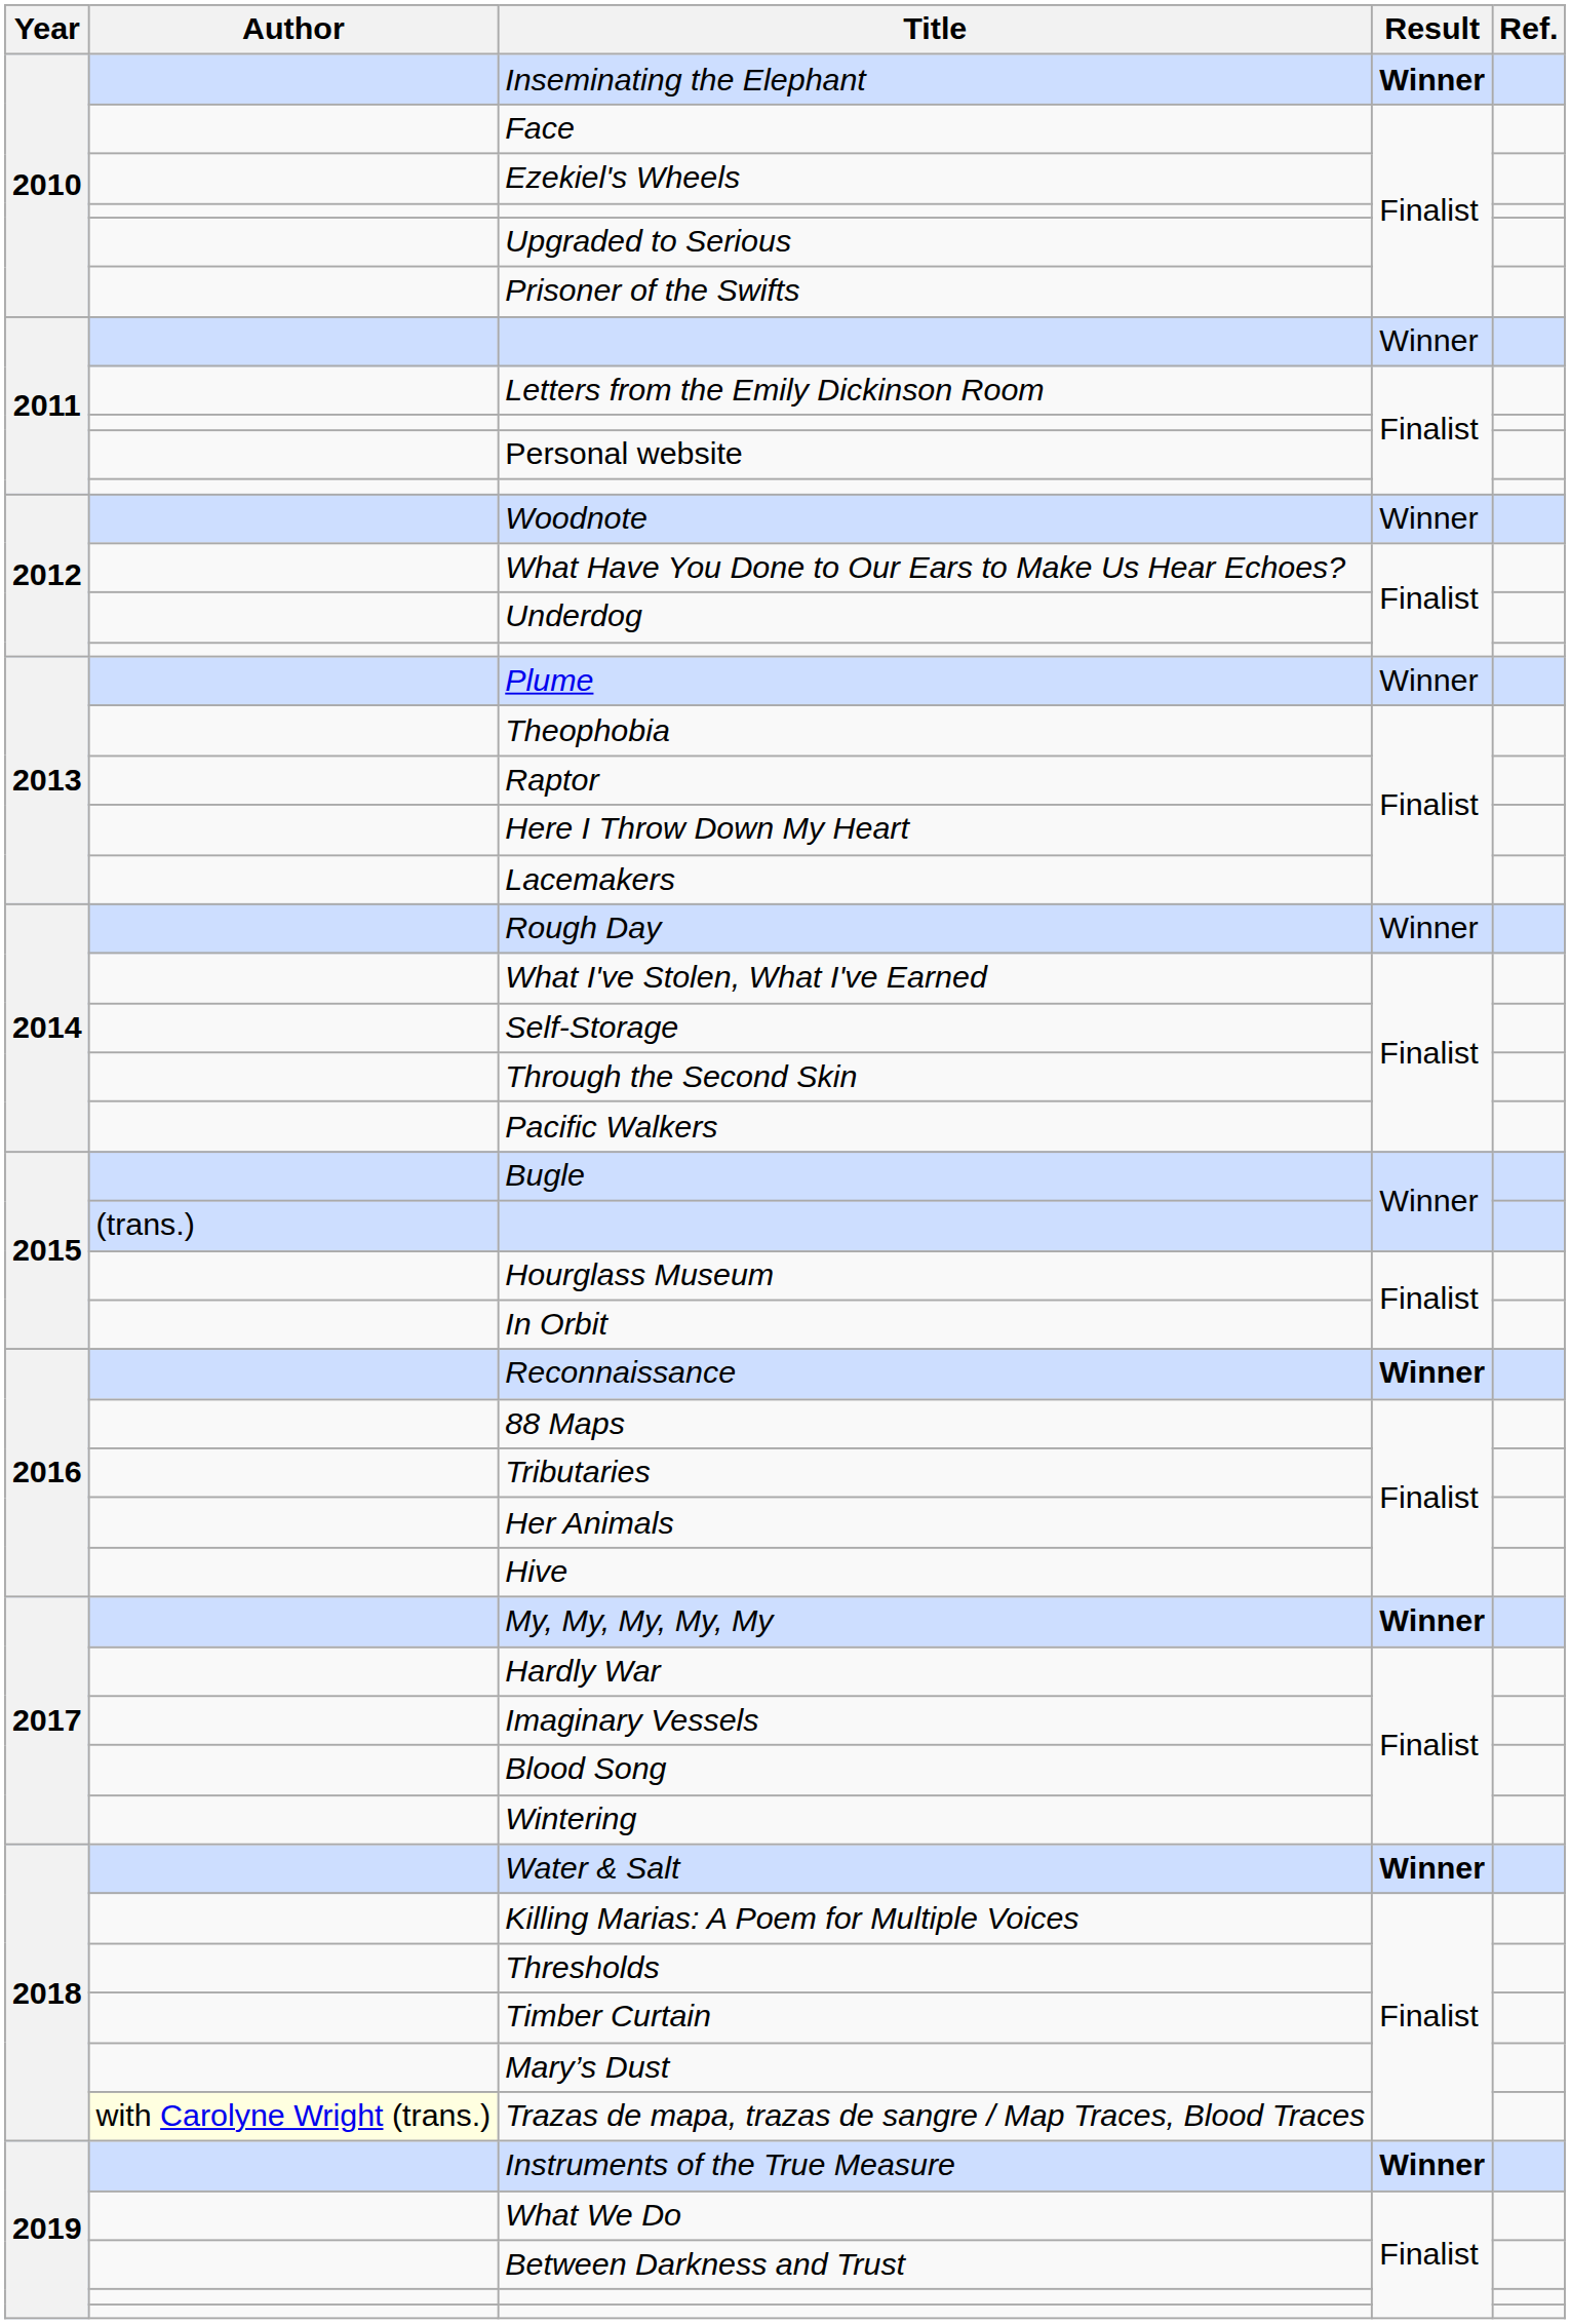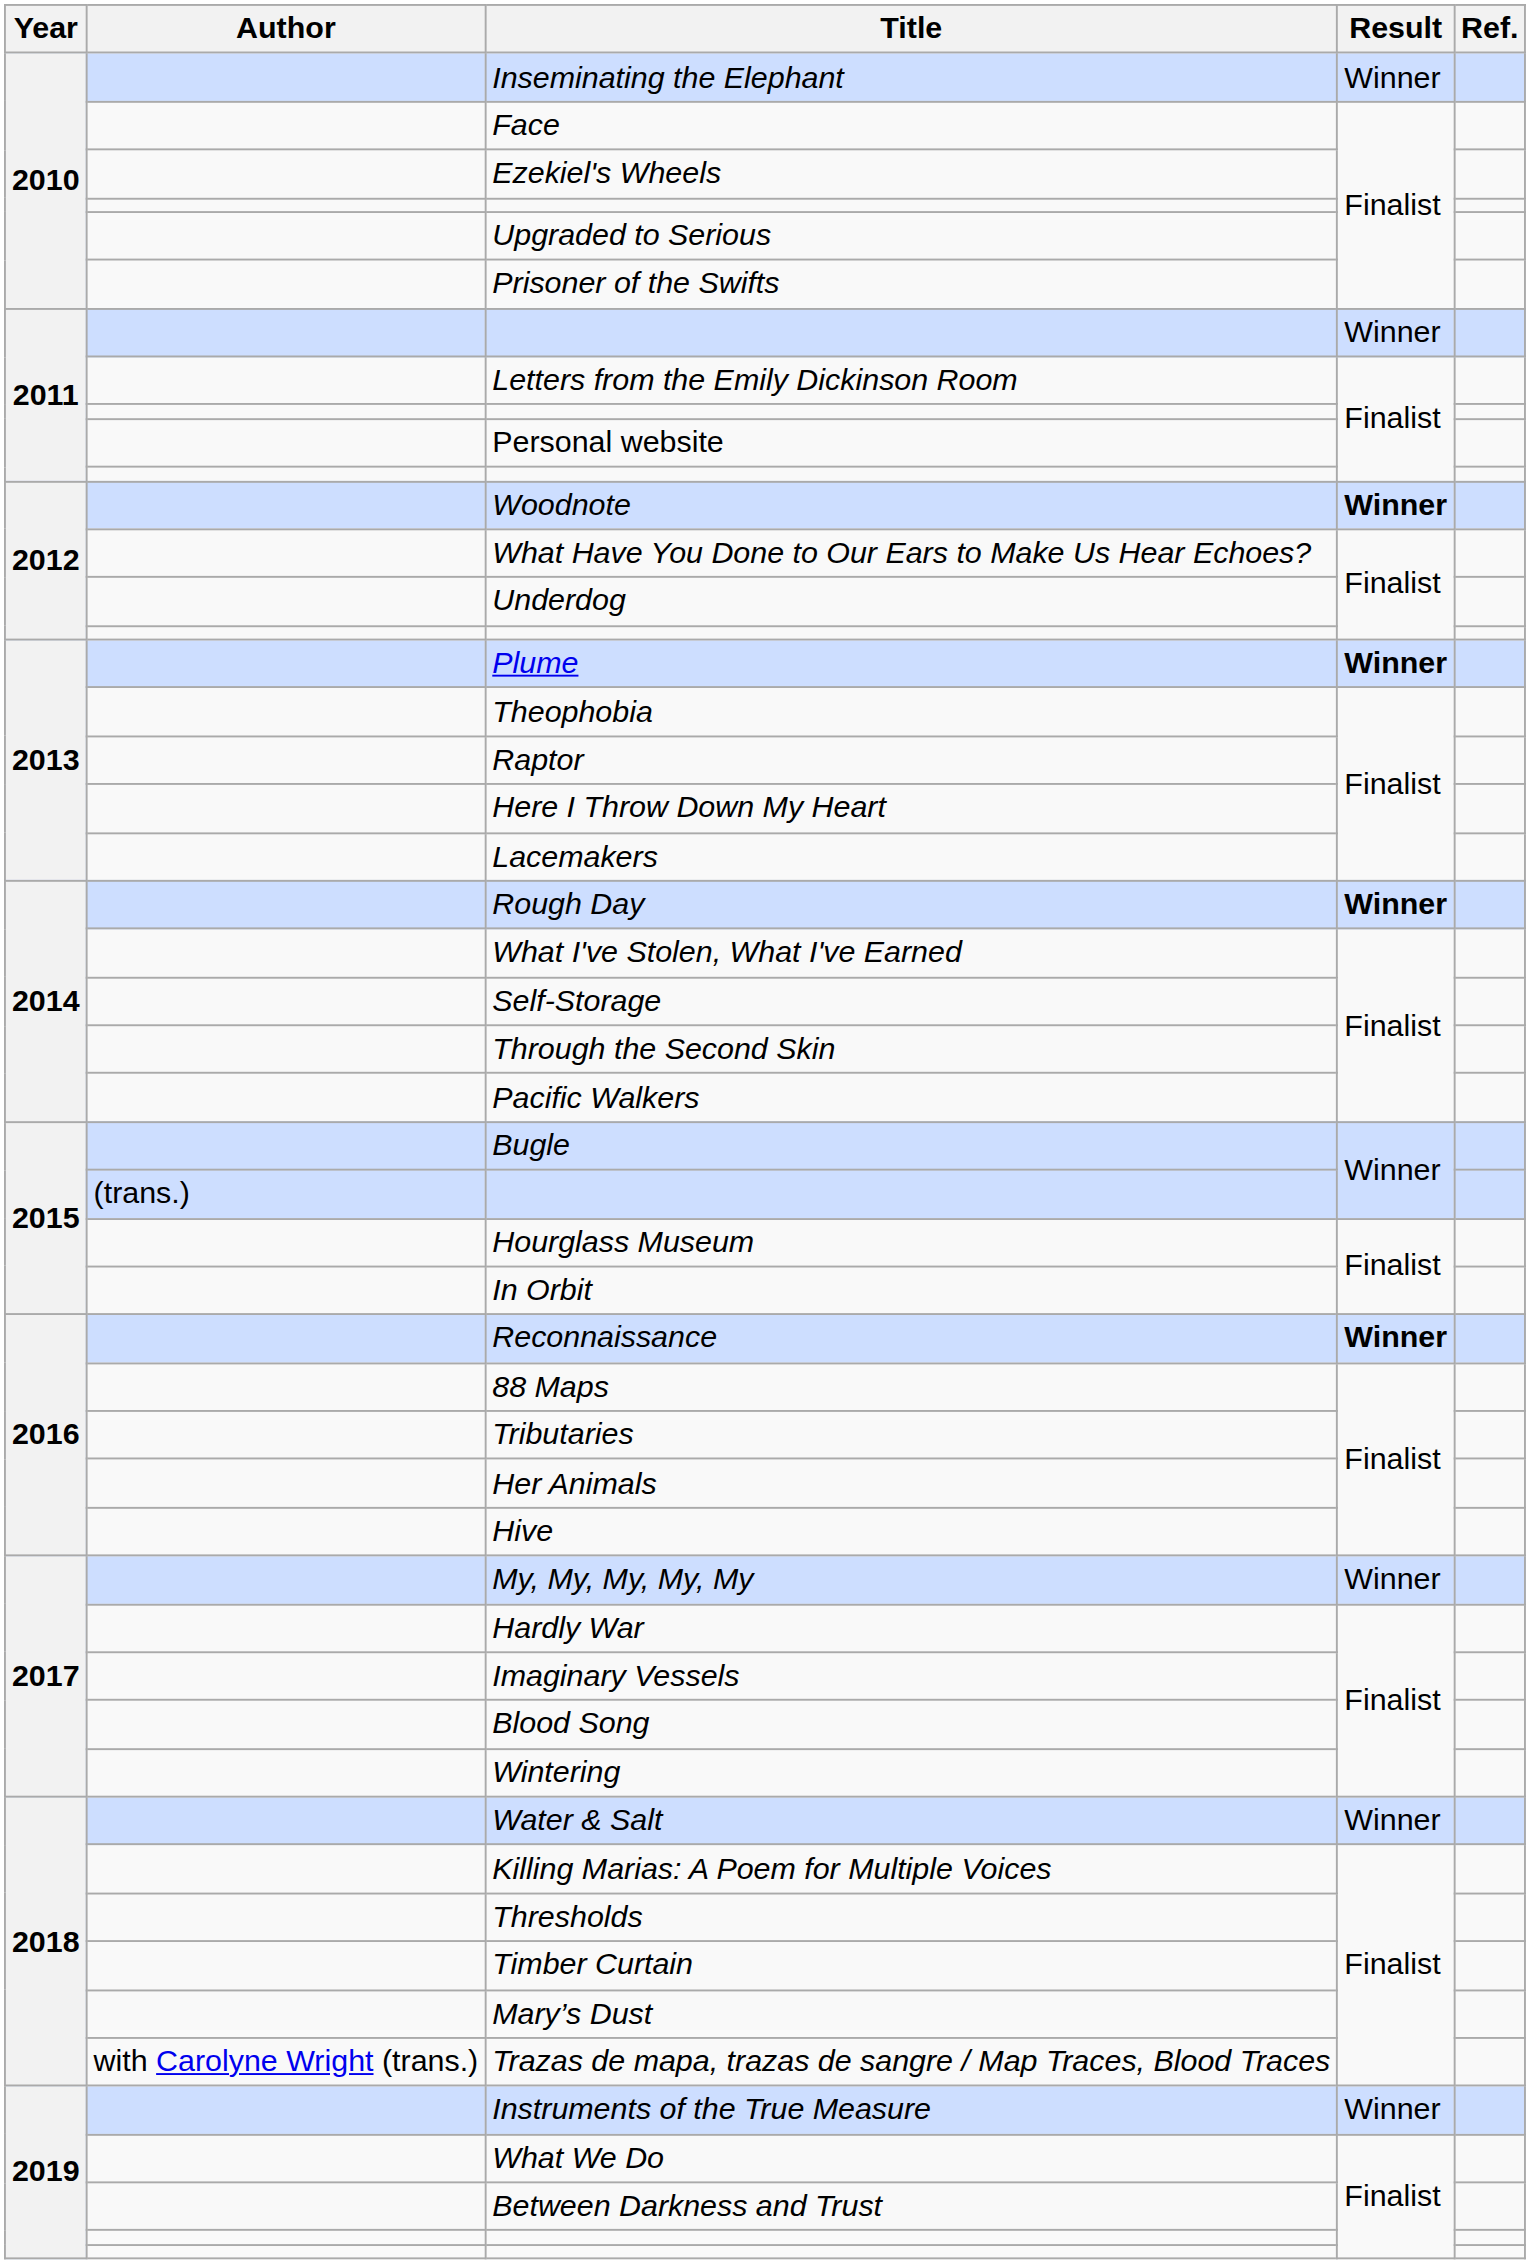 <table class="wikitable sortable mw-collapsible">
 <tr>
 <th>Year</th>
 <th>Author</th>
 <th>Title</th>
 <th>Result</th>
 <th>Ref.</th>
 </tr>
 <tr style="background:#cddeff">
 <th rowspan="6">2010</th>
 <td></td>
 <td><em>Inseminating the Elephant</em></td>
-<td><strong>Winner</strong></td>
+<td>Winner</td>
 <td></td>
 </tr>
 <tr>
 <td></td>
 <td><em>Face</em></td>
 <td rowspan="5">Finalist</td>
 <td></td>
 </tr>
 <tr>
 <td></td>
 <td><em>Ezekiel's Wheels</em></td>
 <td></td>
 </tr>
 <tr>
 <td></td>
 <td><em></em></td>
 <td></td>
 </tr>
 <tr>
 <td></td>
 <td><em>Upgraded to Serious</em></td>
 <td></td>
 </tr>
 <tr>
 <td></td>
 <td><em>Prisoner of the Swifts</em></td>
 <td></td>
 </tr>
 <tr style="background:#cddeff">
 <th rowspan="5">2011</th>
 <td></td>
 <td><em></em></td>
 <td>Winner</td>
 <td></td>
 </tr>
 <tr>
 <td></td>
 <td><em>Letters from the Emily Dickinson Room</em></td>
 <td rowspan="4">Finalist</td>
 <td></td>
 </tr>
 <tr>
 <td></td>
 <td><em></em></td>
 <td></td>
 </tr>
 <tr>
 <td></td>
 <td>Personal website</td>
 <td></td>
 </tr>
 <tr>
 <td></td>
 <td><em></em></td>
 <td></td>
 </tr>
 <tr style="background:#cddeff">
 <th rowspan="4">2012</th>
 <td></td>
 <td><em>Woodnote</em></td>
-<td>Winner</td>
+<td><strong>Winner</strong></td>
 <td></td>
 </tr>
 <tr>
 <td></td>
 <td><em>What Have You Done to Our Ears to Make Us Hear Echoes?</em></td>
 <td rowspan="3">Finalist</td>
 <td></td>
 </tr>
 <tr>
 <td></td>
 <td><em>Underdog</em></td>
 <td></td>
 </tr>
 <tr>
 <td></td>
 <td><em></em></td>
 <td></td>
 </tr>
 <tr style="background:#cddeff">
 <th rowspan="5">2013</th>
 <td></td>
 <td><em><a href='#'>Plume</a></em></td>
-<td>Winner</td>
+<td><strong>Winner</strong></td>
 <td></td>
 </tr>
 <tr>
 <td></td>
 <td><em>Theophobia</em></td>
 <td rowspan="4">Finalist</td>
 <td></td>
 </tr>
 <tr>
 <td></td>
 <td><em>Raptor</em></td>
 <td></td>
 </tr>
 <tr>
 <td></td>
 <td><em>Here I Throw Down My Heart</em></td>
 <td></td>
 </tr>
 <tr>
 <td></td>
 <td><em>Lacemakers</em></td>
 <td></td>
 </tr>
 <tr style="background:#cddeff">
 <th rowspan="5">2014</th>
 <td></td>
 <td><em>Rough Day</em></td>
-<td>Winner</td>
+<td><strong>Winner</strong></td>
 <td></td>
 </tr>
 <tr>
 <td></td>
 <td><em>What I've Stolen, What I've Earned</em></td>
 <td rowspan="4">Finalist</td>
 <td></td>
 </tr>
 <tr>
 <td></td>
 <td><em>Self-Storage</em></td>
 <td></td>
 </tr>
 <tr>
 <td></td>
 <td><em>Through the Second Skin</em></td>
 <td></td>
 </tr>
 <tr>
 <td></td>
 <td><em>Pacific Walkers</em></td>
 <td></td>
 </tr>
 <tr style="background:#cddeff">
 <th rowspan="4">2015</th>
 <td></td>
 <td><em>Bugle</em></td>
 <td rowspan="2">Winner</td>
 <td></td>
 </tr>
 <tr style="background:#cddeff">
 <td> (trans.)</td>
 <td><em></em></td>
 <td></td>
 </tr>
 <tr>
 <td></td>
 <td><em>Hourglass Museum</em></td>
 <td rowspan="2">Finalist</td>
 <td></td>
 </tr>
 <tr>
 <td></td>
 <td><em>In Orbit</em></td>
 <td></td>
 </tr>
 <tr style="background:#cddeff">
 <th rowspan="5">2016</th>
 <td></td>
 <td><em>Reconnaissance</em></td>
 <td><strong>Winner</strong></td>
 <td></td>
 </tr>
 <tr>
 <td></td>
 <td><em>88 Maps</em></td>
 <td rowspan="4">Finalist</td>
 <td></td>
 </tr>
 <tr>
 <td></td>
 <td><em>Tributaries</em></td>
 <td></td>
 </tr>
 <tr>
 <td></td>
 <td><em>Her Animals</em></td>
 <td></td>
 </tr>
 <tr>
 <td></td>
 <td><em>Hive</em></td>
 <td></td>
 </tr>
 <tr style="background:#cddeff">
 <th rowspan="5">2017</th>
 <td></td>
 <td><em>My, My, My, My, My</em></td>
-<td><strong>Winner</strong></td>
+<td>Winner</td>
 <td></td>
 </tr>
 <tr>
 <td></td>
 <td><em>Hardly War</em></td>
 <td rowspan="4">Finalist</td>
 <td></td>
 </tr>
 <tr>
 <td></td>
 <td><em>Imaginary Vessels</em></td>
 <td></td>
 </tr>
 <tr>
 <td></td>
 <td><em>Blood Song</em></td>
 <td></td>
 </tr>
 <tr>
 <td></td>
 <td><em>Wintering</em></td>
 <td></td>
 </tr>
 <tr style="background:#cddeff">
 <th rowspan="6">2018</th>
 <td></td>
 <td><em>Water & Salt</em></td>
-<td><strong>Winner</strong></td>
+<td>Winner</td>
 <td></td>
 </tr>
 <tr>
 <td></td>
 <td><em>Killing Marias: A Poem for Multiple Voices</em></td>
 <td rowspan="5">Finalist</td>
 <td></td>
 </tr>
 <tr>
 <td></td>
 <td><em>Thresholds</em></td>
 <td></td>
 </tr>
 <tr>
 <td></td>
 <td><em>Timber Curtain</em></td>
 <td></td>
 </tr>
 <tr>
 <td></td>
 <td><em>Mary’s Dust</em></td>
 <td></td>
 </tr>
 <tr>
-<td style="background: lightyellow;"> with <a href='#'>Carolyne Wright</a> (trans.)</td>
+<td> with <a href='#'>Carolyne Wright</a> (trans.)</td>
 <td><em>Trazas de mapa, trazas de sangre / Map Traces, Blood Traces</em></td>
 <td></td>
 </tr>
 <tr style="background:#cddeff">
 <th rowspan="5">2019</th>
 <td></td>
 <td><em>Instruments of the True Measure</em></td>
-<td><strong>Winner</strong></td>
+<td>Winner</td>
 <td></td>
 </tr>
 <tr>
 <td></td>
 <td><em>What We Do</em></td>
 <td rowspan="4">Finalist</td>
 <td></td>
 </tr>
 <tr>
 <td></td>
 <td><em>Between Darkness and Trust</em></td>
 <td></td>
 </tr>
 <tr>
 <td></td>
 <td><em></em></td>
 <td></td>
 </tr>
 <tr>
 <td></td>
 <td><em></em></td>
 <td></td>
 </tr>
 </table>
